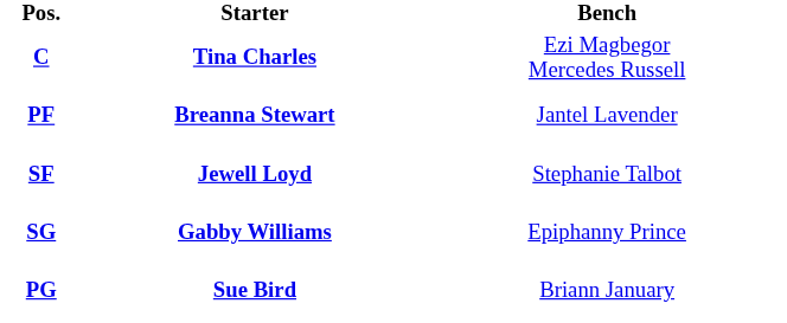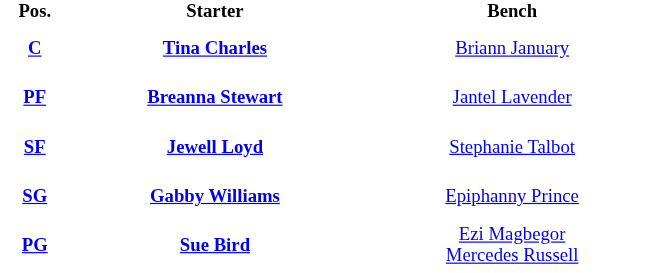 <table style="text-align:center; ">
 <tr>
 <th width="50">Pos.</th>
 <th width="250">Starter</th>
 <th width="250">Bench</th>
 </tr>
 <tr style="height:40px; background:white; color:#092C57">
 <th><a href='#'><span>C</span></a></th>
 <td><strong><a href='#'>Tina Charles</a></strong></td>
-<td><a href='#'>Ezi Magbegor</a><br><a href='#'>Mercedes Russell</a></td>
+<td><a href='#'>Briann January</a></td>
 </tr>
 <tr style="height:40px; background:white; color:#092C57">
 <th><a href='#'><span>PF</span></a></th>
 <td><strong><a href='#'>Breanna Stewart</a></strong></td>
 <td><a href='#'>Jantel Lavender</a></td>
 </tr>
 <tr style="height:40px; background:white; color:#092C57">
 <th><a href='#'><span>SF</span></a></th>
 <td><strong><a href='#'>Jewell Loyd</a></strong></td>
 <td><a href='#'>Stephanie Talbot</a></td>
 </tr>
 <tr style="height:40px; background:white; color:#092C57">
 <th><a href='#'><span>SG</span></a></th>
 <td><strong><a href='#'>Gabby Williams</a></strong></td>
 <td><a href='#'>Epiphanny Prince</a></td>
 </tr>
 <tr style="height:40px; background:white; color:#092C57">
 <th><a href='#'><span>PG</span></a></th>
 <td><strong><a href='#'>Sue Bird</a></strong></td>
-<td><a href='#'>Briann January</a></td>
+<td><a href='#'>Ezi Magbegor</a><br><a href='#'>Mercedes Russell</a></td>
 </tr>
 </table>
